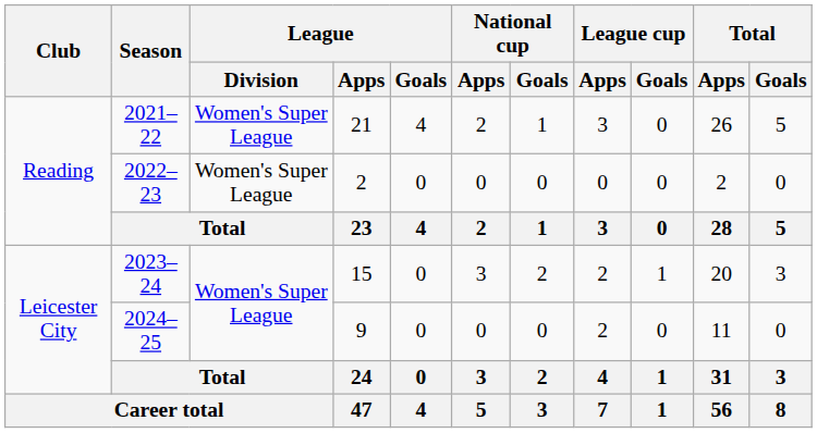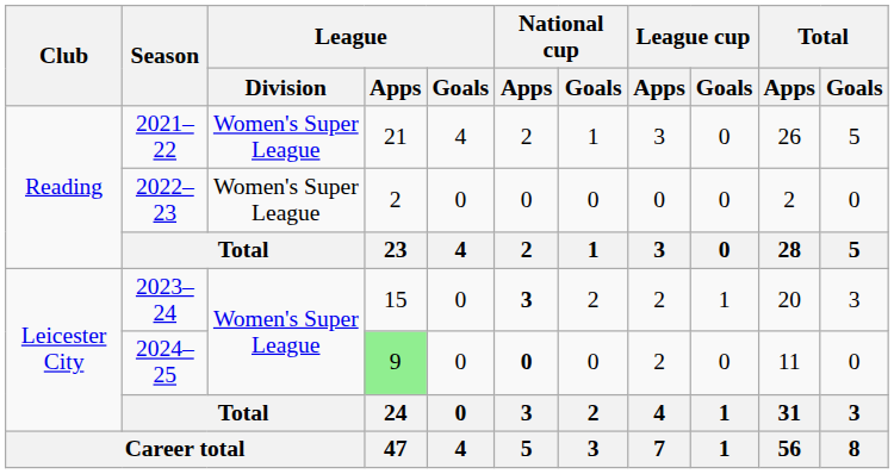 <table class="wikitable" style="text-align: center;">
 <tr>
 <th rowspan="2">Club</th>
 <th rowspan="2">Season</th>
 <th colspan="3">League</th>
 <th colspan="2">National cup </th>
 <th colspan="2">League cup </th>
 <th colspan="2">Total</th>
 </tr>
 <tr>
 <th>Division</th>
 <th>Apps</th>
 <th>Goals</th>
 <th>Apps</th>
 <th>Goals</th>
 <th>Apps</th>
 <th>Goals</th>
 <th>Apps</th>
 <th>Goals</th>
 </tr>
 <tr>
 <td rowspan="3"><a href='#'>Reading</a></td>
 <td><a href='#'>2021–22</a></td>
 <td><a href='#'>Women's Super League</a></td>
 <td>21</td>
 <td>4</td>
 <td>2</td>
 <td>1</td>
 <td>3</td>
 <td>0</td>
 <td>26</td>
 <td>5</td>
 </tr>
 <tr>
 <td><a href='#'>2022–23</a></td>
 <td>Women's Super League</td>
 <td>2</td>
 <td>0</td>
 <td>0</td>
 <td>0</td>
 <td>0</td>
 <td>0</td>
 <td>2</td>
 <td>0</td>
 </tr>
 <tr>
 <th colspan="2">Total</th>
 <th>23</th>
 <th>4</th>
 <th>2</th>
 <th>1</th>
 <th>3</th>
 <th>0</th>
 <th>28</th>
 <th>5</th>
 </tr>
 <tr>
 <td rowspan="3"><a href='#'>Leicester City</a></td>
 <td><a href='#'>2023–24</a></td>
 <td rowspan="2"><a href='#'>Women's Super League</a></td>
 <td>15</td>
 <td>0</td>
-<td>3</td>
+<td><strong>3</strong></td>
 <td>2</td>
 <td>2</td>
 <td>1</td>
 <td>20</td>
 <td>3</td>
 </tr>
 <tr>
 <td><a href='#'>2024–25</a></td>
-<td>9</td>
+<td style="background: lightgreen;">9</td>
 <td>0</td>
-<td>0</td>
+<td><strong>0</strong></td>
 <td>0</td>
 <td>2</td>
 <td>0</td>
 <td>11</td>
 <td>0</td>
 </tr>
 <tr>
 <th colspan="2">Total</th>
 <th>24</th>
 <th>0</th>
 <th>3</th>
 <th>2</th>
 <th>4</th>
 <th>1</th>
 <th>31</th>
 <th>3</th>
 </tr>
 <tr>
 <th colspan="3">Career total</th>
 <th>47</th>
 <th>4</th>
 <th>5</th>
 <th>3</th>
 <th>7</th>
 <th>1</th>
 <th>56</th>
 <th>8</th>
 </tr>
 </table>
